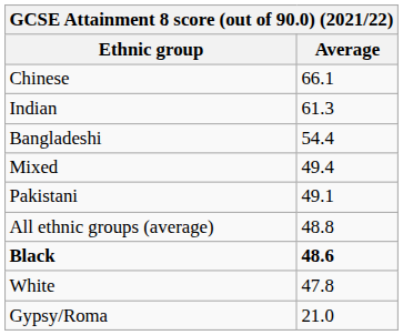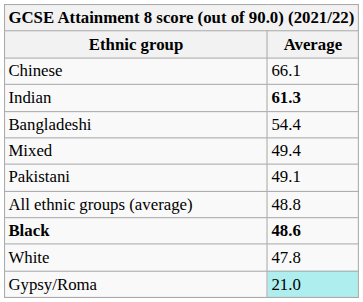 <table class="wikitable sortable">
 <tr>
 <th colspan="3">GCSE Attainment 8 score (out of 90.0) (2021/22)</th>
 </tr>
 <tr>
 <th>Ethnic group</th>
 <th>Average</th>
 </tr>
 <tr>
 <td>Chinese</td>
 <td>66.1</td>
 </tr>
 <tr>
 <td>Indian</td>
-<td>61.3</td>
+<td><strong>61.3</strong></td>
 </tr>
 <tr>
 <td>Bangladeshi</td>
 <td>54.4</td>
 </tr>
 <tr>
 <td>Mixed</td>
 <td>49.4</td>
 </tr>
 <tr>
 <td>Pakistani</td>
 <td>49.1</td>
 </tr>
 <tr>
 <td>All ethnic groups (average)</td>
 <td>48.8</td>
 </tr>
 <tr>
 <td><strong>Black</strong></td>
 <td><strong>48.6</strong></td>
 </tr>
 <tr>
 <td>White</td>
 <td>47.8</td>
 </tr>
 <tr>
 <td>Gypsy/Roma</td>
-<td>21.0</td>
+<td style="background: paleturquoise;">21.0</td>
 </tr>
 <tr>
 </tr>
 </table>
